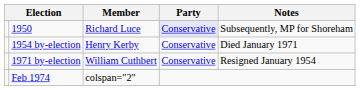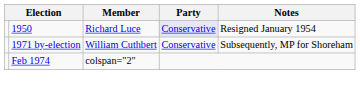 <table class="wikitable">
 <tr>
 <th colspan="2">Election</th>
 <th>Member</th>
 <th>Party</th>
 <th>Notes</th>
 </tr>
 <tr>
 <td style="color:inherit;background-color: "></td>
 <td><a href='#'>1950</a></td>
 <td><a href='#'>Richard Luce</a></td>
 <td style="background: lavender;"><a href='#'>Conservative</a></td>
-<td>Subsequently, MP for Shoreham</td>
-</tr>
-<tr>
-<td style="color:inherit;background-color: "></td>
-<td><a href='#'>1954 by-election</a></td>
-<td><a href='#'>Henry Kerby</a></td>
-<td><a href='#'>Conservative</a></td>
-<td>Died January 1971</td>
+<td>Resigned January 1954</td>
 </tr>
 <tr>
 <td style="color:inherit;background-color: "></td>
 <td><a href='#'>1971 by-election</a></td>
 <td><a href='#'>William Cuthbert</a></td>
 <td><a href='#'>Conservative</a></td>
-<td>Resigned January 1954</td>
+<td>Subsequently, MP for Shoreham</td>
 </tr>
 <tr>
 <td></td>
 <td><a href='#'>Feb 1974</a></td>
 <td>colspan="2" </td>
 </tr>
 </table>
